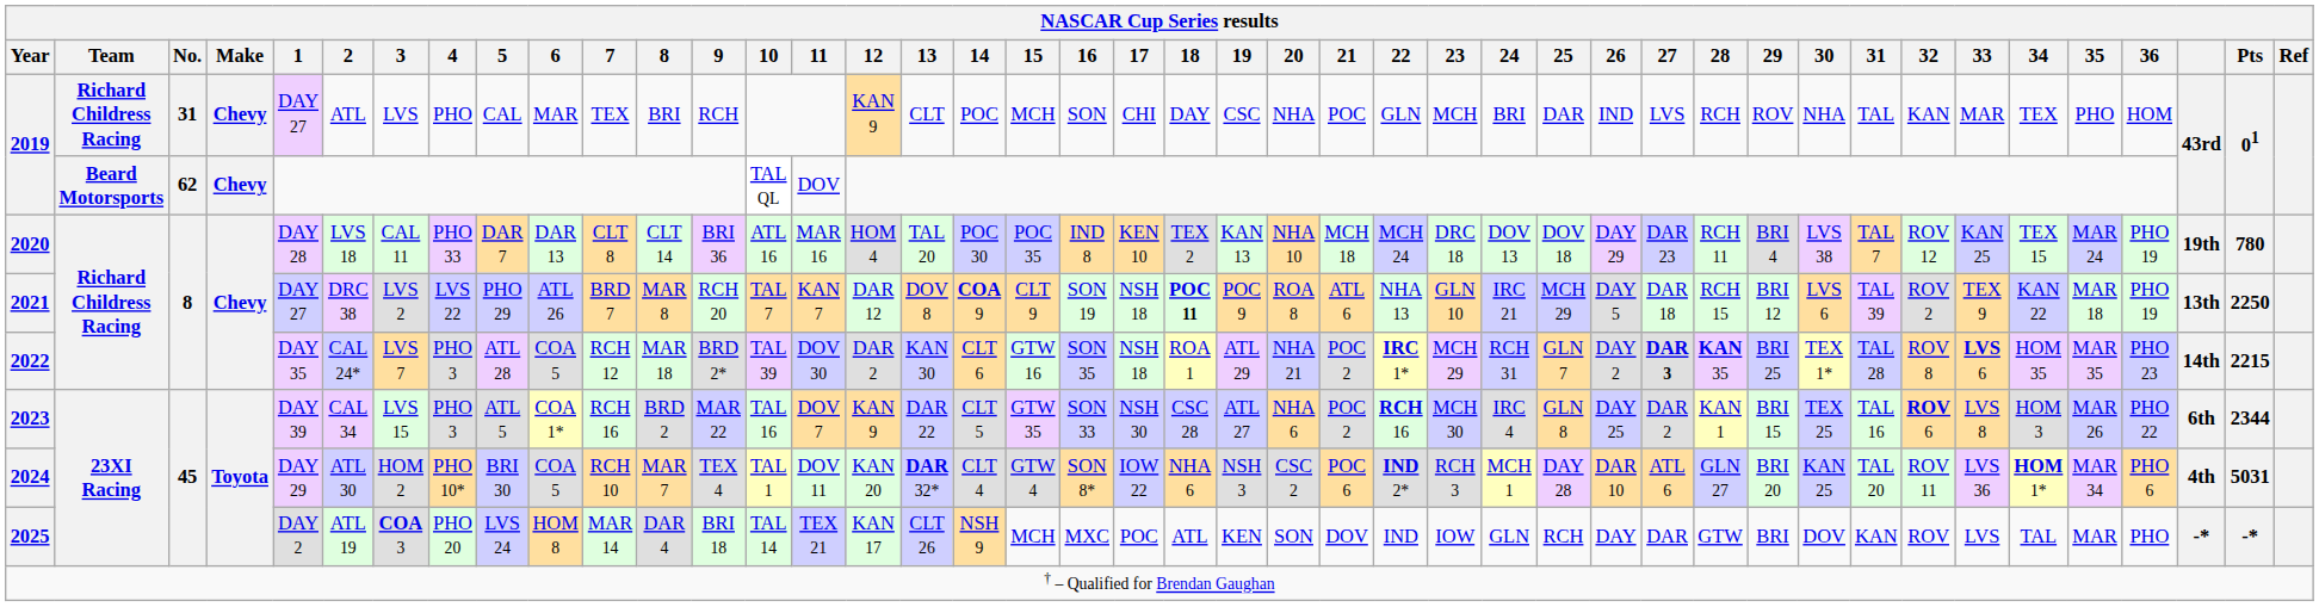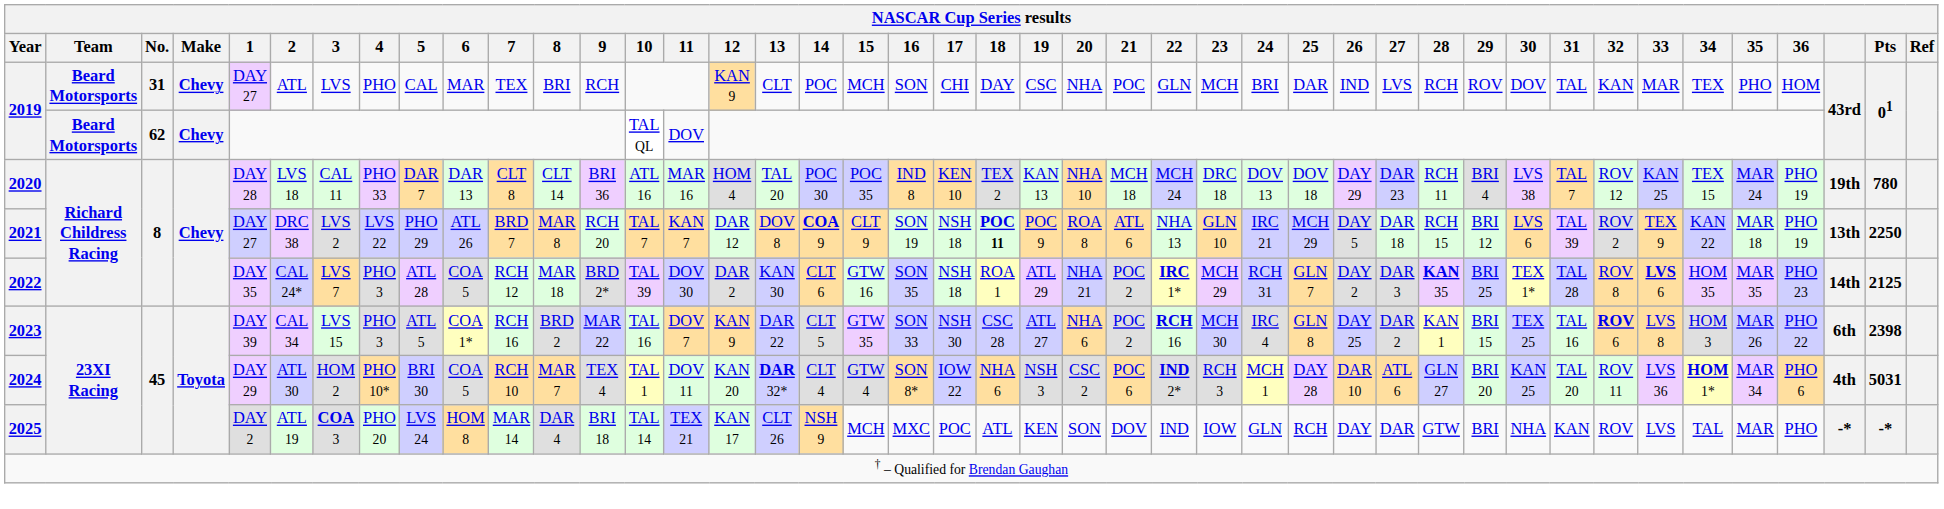 <table class="wikitable" style="text-align:center; font-size:75%">
 <tr>
 <th colspan=43><a href='#'>NASCAR Cup Series</a> results</th>
 </tr>
 <tr>
 <th>Year</th>
 <th>Team</th>
 <th>No.</th>
 <th>Make</th>
 <th>1</th>
 <th>2</th>
 <th>3</th>
 <th>4</th>
 <th>5</th>
 <th>6</th>
 <th>7</th>
 <th>8</th>
 <th>9</th>
 <th>10</th>
 <th>11</th>
 <th>12</th>
 <th>13</th>
 <th>14</th>
 <th>15</th>
 <th>16</th>
 <th>17</th>
 <th>18</th>
 <th>19</th>
 <th>20</th>
 <th>21</th>
 <th>22</th>
 <th>23</th>
 <th>24</th>
 <th>25</th>
 <th>26</th>
 <th>27</th>
 <th>28</th>
 <th>29</th>
 <th>30</th>
 <th>31</th>
 <th>32</th>
 <th>33</th>
 <th>34</th>
 <th>35</th>
 <th>36</th>
 <th></th>
 <th>Pts</th>
 <th>Ref</th>
 </tr>
 <tr>
 <th rowspan=2><a href='#'>2019</a></th>
-<th><a href='#'>Richard Childress Racing</a></th>
+<th><a href='#'>Beard Motorsports</a></th>
 <th>31</th>
 <th><a href='#'>Chevy</a></th>
 <td style="background:#EFCFFF;"><a href='#'>DAY</a><br><small>27</small></td>
 <td><a href='#'>ATL</a></td>
 <td><a href='#'>LVS</a></td>
 <td><a href='#'>PHO</a></td>
 <td><a href='#'>CAL</a></td>
 <td><a href='#'>MAR</a></td>
 <td><a href='#'>TEX</a></td>
 <td><a href='#'>BRI</a></td>
 <td><a href='#'>RCH</a></td>
 <td colspan=2></td>
 <td style="background:#FFDF9F;"><a href='#'>KAN</a><br><small>9</small></td>
 <td><a href='#'>CLT</a></td>
 <td><a href='#'>POC</a></td>
 <td><a href='#'>MCH</a></td>
 <td><a href='#'>SON</a></td>
 <td><a href='#'>CHI</a></td>
 <td><a href='#'>DAY</a></td>
 <td><a href='#'>CSC</a></td>
 <td><a href='#'>NHA</a></td>
 <td><a href='#'>POC</a></td>
 <td><a href='#'>GLN</a></td>
 <td><a href='#'>MCH</a></td>
 <td><a href='#'>BRI</a></td>
 <td><a href='#'>DAR</a></td>
 <td><a href='#'>IND</a></td>
 <td><a href='#'>LVS</a></td>
 <td><a href='#'>RCH</a></td>
 <td><a href='#'>ROV</a></td>
-<td><a href='#'>NHA</a></td>
+<td><a href='#'>DOV</a></td>
 <td><a href='#'>TAL</a></td>
 <td><a href='#'>KAN</a></td>
 <td><a href='#'>MAR</a></td>
 <td><a href='#'>TEX</a></td>
 <td><a href='#'>PHO</a></td>
 <td><a href='#'>HOM</a></td>
 <th rowspan=2>43rd</th>
 <th rowspan=2>0<sup>1</sup></th>
 <th rowspan=2></th>
 </tr>
 <tr>
 <th><a href='#'>Beard Motorsports</a></th>
 <th>62</th>
 <th><a href='#'>Chevy</a></th>
 <td colspan=9></td>
 <td style="background:#FFFFFF;"><a href='#'>TAL</a><br><small>QL</small></td>
 <td><a href='#'>DOV</a></td>
 <td colspan=25></td>
 </tr>
 <tr>
 <th><a href='#'>2020</a></th>
 <th rowspan=3><a href='#'>Richard Childress Racing</a></th>
 <th rowspan=3>8</th>
 <th rowspan=3><a href='#'>Chevy</a></th>
 <td style="background:#EFCFFF;"><a href='#'>DAY</a><br><small>28</small></td>
 <td style="background:#DFFFDF;"><a href='#'>LVS</a><br><small>18</small></td>
 <td style="background:#DFFFDF;"><a href='#'>CAL</a><br><small>11</small></td>
 <td style="background:#EFCFFF;"><a href='#'>PHO</a><br><small>33</small></td>
 <td style="background:#FFDF9F;"><a href='#'>DAR</a><br><small>7</small></td>
 <td style="background:#DFFFDF;"><a href='#'>DAR</a><br><small>13</small></td>
 <td style="background:#FFDF9F;"><a href='#'>CLT</a><br><small>8</small></td>
 <td style="background:#DFFFDF;"><a href='#'>CLT</a><br><small>14</small></td>
 <td style="background:#EFCFFF;"><a href='#'>BRI</a><br><small>36</small></td>
 <td style="background:#DFFFDF;"><a href='#'>ATL</a><br><small>16</small></td>
 <td style="background:#DFFFDF;"><a href='#'>MAR</a><br><small>16</small></td>
 <td style="background:#DFDFDF;"><a href='#'>HOM</a><br><small>4</small></td>
 <td style="background:#DFFFDF;"><a href='#'>TAL</a><br><small>20</small></td>
 <td style="background:#CFCFFF;"><a href='#'>POC</a><br><small>30</small></td>
 <td style="background:#CFCFFF;"><a href='#'>POC</a><br><small>35</small></td>
 <td style="background:#FFDF9F;"><a href='#'>IND</a><br><small>8</small></td>
 <td style="background:#FFDF9F;"><a href='#'>KEN</a><br><small>10</small></td>
 <td style="background:#DFDFDF;"><a href='#'>TEX</a><br><small>2</small></td>
 <td style="background:#DFFFDF;"><a href='#'>KAN</a><br><small>13</small></td>
 <td style="background:#FFDF9F;"><a href='#'>NHA</a><br><small>10</small></td>
 <td style="background:#DFFFDF;"><a href='#'>MCH</a><br><small>18</small></td>
 <td style="background:#CFCFFF;"><a href='#'>MCH</a><br><small>24</small></td>
 <td style="background:#DFFFDF;"><a href='#'>DRC</a><br><small>18</small></td>
 <td style="background:#DFFFDF;"><a href='#'>DOV</a><br><small>13</small></td>
 <td style="background:#DFFFDF;"><a href='#'>DOV</a><br><small>18</small></td>
 <td style="background:#EFCFFF;"><a href='#'>DAY</a><br><small>29</small></td>
 <td style="background:#CFCFFF;"><a href='#'>DAR</a><br><small>23</small></td>
 <td style="background:#DFFFDF;"><a href='#'>RCH</a><br><small>11</small></td>
 <td style="background:#DFDFDF;"><a href='#'>BRI</a><br><small>4</small></td>
 <td style="background:#EFCFFF;"><a href='#'>LVS</a><br><small>38</small></td>
 <td style="background:#FFDF9F;"><a href='#'>TAL</a><br><small>7</small></td>
 <td style="background:#DFFFDF;"><a href='#'>ROV</a><br><small>12</small></td>
 <td style="background:#CFCFFF;"><a href='#'>KAN</a><br><small>25</small></td>
 <td style="background:#DFFFDF;"><a href='#'>TEX</a><br><small>15</small></td>
 <td style="background:#CFCFFF;"><a href='#'>MAR</a><br><small>24</small></td>
 <td style="background:#DFFFDF;"><a href='#'>PHO</a><br><small>19</small></td>
 <th>19th</th>
 <th>780</th>
 <th></th>
 </tr>
 <tr>
 <th><a href='#'>2021</a></th>
 <td style="background:#CFCFFF;"><a href='#'>DAY</a><br><small>27</small></td>
 <td style="background:#EFCFFF;"><a href='#'>DRC</a><br><small>38</small></td>
 <td style="background:#DFDFDF;"><a href='#'>LVS</a><br><small>2</small></td>
 <td style="background:#CFCFFF;"><a href='#'>LVS</a><br><small>22</small></td>
 <td style="background:#CFCFFF;"><a href='#'>PHO</a><br><small>29</small></td>
 <td style="background:#CFCFFF;"><a href='#'>ATL</a><br><small>26</small></td>
 <td style="background:#FFDF9F;"><a href='#'>BRD</a><br><small>7</small></td>
 <td style="background:#FFDF9F;"><a href='#'>MAR</a><br><small>8</small></td>
 <td style="background:#DFFFDF;"><a href='#'>RCH</a><br><small>20</small></td>
 <td style="background:#FFDF9F;"><a href='#'>TAL</a><br><small>7</small></td>
 <td style="background:#FFDF9F;"><a href='#'>KAN</a><br><small>7</small></td>
 <td style="background:#DFFFDF;"><a href='#'>DAR</a><br><small>12</small></td>
 <td style="background:#FFDF9F;"><a href='#'>DOV</a><br><small>8</small></td>
 <td style="background:#FFDF9F;"><strong><a href='#'>COA</a></strong><br><small>9</small></td>
 <td style="background:#FFDF9F;"><a href='#'>CLT</a><br><small>9</small></td>
 <td style="background:#DFFFDF;"><a href='#'>SON</a><br><small>19</small></td>
 <td style="background:#DFFFDF;"><a href='#'>NSH</a><br><small>18</small></td>
 <td style="background:#DFFFDF;"><strong><a href='#'>POC</a><br><small>11</small></strong></td>
 <td style="background:#FFDF9F;"><a href='#'>POC</a><br><small>9</small></td>
 <td style="background:#FFDF9F;"><a href='#'>ROA</a><br><small>8</small></td>
 <td style="background:#FFDF9F;"><a href='#'>ATL</a><br><small>6</small></td>
 <td style="background:#DFFFDF;"><a href='#'>NHA</a><br><small>13</small></td>
 <td style="background:#FFDF9F;"><a href='#'>GLN</a><br><small>10</small></td>
 <td style="background:#CFCFFF;"><a href='#'>IRC</a><br><small>21</small></td>
 <td style="background:#CFCFFF;"><a href='#'>MCH</a><br><small>29</small></td>
 <td style="background:#DFDFDF;"><a href='#'>DAY</a><br><small>5</small></td>
 <td style="background:#DFFFDF;"><a href='#'>DAR</a><br><small>18</small></td>
 <td style="background:#DFFFDF;"><a href='#'>RCH</a><br><small>15</small></td>
 <td style="background:#DFFFDF;"><a href='#'>BRI</a><br><small>12</small></td>
 <td style="background:#FFDF9F;"><a href='#'>LVS</a><br><small>6</small></td>
 <td style="background:#EFCFFF;"><a href='#'>TAL</a><br><small>39</small></td>
 <td style="background:#DFDFDF;"><a href='#'>ROV</a><br><small>2</small></td>
 <td style="background:#FFDF9F;"><a href='#'>TEX</a><br><small>9</small></td>
 <td style="background:#CFCFFF;"><a href='#'>KAN</a><br><small>22</small></td>
 <td style="background:#DFFFDF;"><a href='#'>MAR</a><br><small>18</small></td>
 <td style="background:#DFFFDF;"><a href='#'>PHO</a><br><small>19</small></td>
 <th>13th</th>
 <th>2250</th>
 <th></th>
 </tr>
 <tr>
 <th><a href='#'>2022</a></th>
 <td style="background:#EFCFFF;"><a href='#'>DAY</a><br><small>35</small></td>
 <td style="background:#CFCFFF;"><a href='#'>CAL</a><br><small>24*</small></td>
 <td style="background:#FFDF9F;"><a href='#'>LVS</a><br><small>7</small></td>
 <td style="background:#DFDFDF;"><a href='#'>PHO</a><br><small>3</small></td>
 <td style="background:#EFCFFF;"><a href='#'>ATL</a><br><small>28</small></td>
 <td style="background:#DFDFDF;"><a href='#'>COA</a><br><small>5</small></td>
 <td style="background:#DFFFDF;"><a href='#'>RCH</a><br><small>12</small></td>
 <td style="background:#DFFFDF;"><a href='#'>MAR</a><br><small>18</small></td>
 <td style="background:#DFDFDF;"><a href='#'>BRD</a><br><small>2*</small></td>
 <td style="background:#EFCFFF;"><a href='#'>TAL</a><br><small>39</small></td>
 <td style="background:#CFCFFF;"><a href='#'>DOV</a><br><small>30</small></td>
 <td style="background:#DFDFDF;"><a href='#'>DAR</a><br><small>2</small></td>
 <td style="background:#CFCFFF;"><a href='#'>KAN</a><br><small>30</small></td>
 <td style="background:#FFDF9F;"><a href='#'>CLT</a><br><small>6</small></td>
 <td style="background:#DFFFDF;"><a href='#'>GTW</a><br><small>16</small></td>
 <td style="background:#CFCFFF;"><a href='#'>SON</a><br><small>35</small></td>
 <td style="background:#DFFFDF;"><a href='#'>NSH</a><br><small>18</small></td>
 <td style="background:#FFFFBF;"><a href='#'>ROA</a><br><small>1</small></td>
 <td style="background:#EFCFFF;"><a href='#'>ATL</a><br><small>29</small></td>
 <td style="background:#CFCFFF;"><a href='#'>NHA</a><br><small>21</small></td>
 <td style="background:#DFDFDF;"><a href='#'>POC</a><br><small>2</small></td>
 <td style="background:#FFFFBF;"><strong><a href='#'>IRC</a></strong><br><small>1*</small></td>
 <td style="background:#EFCFFF;"><a href='#'>MCH</a><br><small>29</small></td>
 <td style="background:#CFCFFF;"><a href='#'>RCH</a><br><small>31</small></td>
 <td style="background:#FFDF9F;"><a href='#'>GLN</a><br><small>7</small></td>
 <td style="background:#DFDFDF;"><a href='#'>DAY</a><br><small>2</small></td>
-<td style="background:#DFDFDF;"><strong><a href='#'>DAR</a><br><small>3</small></strong></td>
+<td style="background:#DFDFDF;"><a href='#'>DAR</a><br><small>3</small></td>
 <td style="background:#EFCFFF;"><strong><a href='#'>KAN</a></strong><br><small>35</small></td>
 <td style="background:#CFCFFF;"><a href='#'>BRI</a><br><small>25</small></td>
 <td style="background:#FFFFBF;"><a href='#'>TEX</a><br><small>1*</small></td>
 <td style="background:#CFCFFF;"><a href='#'>TAL</a><br><small>28</small></td>
 <td style="background:#FFDF9F;"><a href='#'>ROV</a><br><small>8</small></td>
 <td style="background:#FFDF9F;"><strong><a href='#'>LVS</a></strong><br><small>6</small></td>
 <td style="background:#EFCFFF;"><a href='#'>HOM</a><br><small>35</small></td>
 <td style="background:#EFCFFF;"><a href='#'>MAR</a><br><small>35</small></td>
 <td style="background:#CFCFFF;”"><a href='#'>PHO</a><br><small>23</small></td>
 <th>14th</th>
-<th>2215</th>
+<th>2125</th>
 <th></th>
 </tr>
 <tr>
 <th><a href='#'>2023</a></th>
 <th rowspan=3><a href='#'>23XI Racing</a></th>
 <th rowspan=3>45</th>
 <th rowspan=3><a href='#'>Toyota</a></th>
 <td style="background:#EFCFFF;"><a href='#'>DAY</a><br><small>39</small></td>
 <td style="background:#EFCFFF;"><a href='#'>CAL</a><br><small>34</small></td>
 <td style="background:#DFFFDF;"><a href='#'>LVS</a><br><small>15</small></td>
 <td style="background:#DFDFDF;"><a href='#'>PHO</a><br><small>3</small></td>
 <td style="background:#DFDFDF;"><a href='#'>ATL</a><br><small>5</small></td>
 <td style="background:#FFFFBF;"><a href='#'>COA</a><br><small>1*</small></td>
 <td style="background:#DFFFDF;"><a href='#'>RCH</a><br><small>16</small></td>
 <td style="background:#DFDFDF;"><a href='#'>BRD</a><br><small>2</small></td>
 <td style="background:#CFCFFF;"><a href='#'>MAR</a><br><small>22</small></td>
 <td style="background:#DFFFDF;"><a href='#'>TAL</a><br><small>16</small></td>
 <td style="background:#FFDF9F;"><a href='#'>DOV</a><br><small>7</small></td>
 <td style="background:#FFDF9F;"><a href='#'>KAN</a><br><small>9</small></td>
 <td style="background:#CFCFFF;"><a href='#'>DAR</a><br><small>22</small></td>
 <td style="background:#DFDFDF;"><a href='#'>CLT</a><br><small>5</small></td>
 <td style="background:#EFCFFF;"><a href='#'>GTW</a><br><small>35</small></td>
 <td style="background:#CFCFFF;"><a href='#'>SON</a><br><small>33</small></td>
 <td style="background:#CFCFFF;"><a href='#'>NSH</a><br><small>30</small></td>
 <td style="background:#CFCFFF;"><a href='#'>CSC</a><br><small>28</small></td>
 <td style="background:#CFCFFF;"><a href='#'>ATL</a><br><small>27</small></td>
 <td style="background:#FFDF9F;"><a href='#'>NHA</a><br><small>6</small></td>
 <td style="background:#DFDFDF;"><a href='#'>POC</a><br><small>2</small></td>
 <td style="background:#DFFFDF;"><strong><a href='#'>RCH</a></strong><br><small>16</small></td>
 <td style="background:#CFCFFF;"><a href='#'>MCH</a><br><small>30</small></td>
 <td style="background:#DFDFDF;"><a href='#'>IRC</a><br><small>4</small></td>
 <td style="background:#FFDF9F;"><a href='#'>GLN</a><br><small>8</small></td>
 <td style="background:#CFCFFF;"><a href='#'>DAY</a><br><small>25</small></td>
 <td style="background:#DFDFDF;"><a href='#'>DAR</a><br><small>2</small></td>
 <td style="background:#FFFFBF;"><a href='#'>KAN</a><br><small>1</small></td>
 <td style="background:#DFFFDF;"><a href='#'>BRI</a><br><small>15</small></td>
 <td style="background:#CFCFFF;"><a href='#'>TEX</a><br><small>25</small></td>
 <td style="background:#DFFFDF;"><a href='#'>TAL</a><br><small>16</small></td>
 <td style="background:#FFDF9F;"><strong><a href='#'>ROV</a></strong> <br><small>6</small></td>
 <td style="background:#FFDF9F;"><a href='#'>LVS</a><br><small>8</small></td>
 <td style="background:#DFDFDF;"><a href='#'>HOM</a><br><small>3</small></td>
 <td style="background:#CFCFFF;"><a href='#'>MAR</a><br><small>26</small></td>
 <td style="background:#CFCFFF;"><a href='#'>PHO</a><br><small>22</small></td>
 <th>6th</th>
-<th>2344</th>
+<th>2398</th>
 <th></th>
 </tr>
 <tr>
 <th><a href='#'>2024</a></th>
 <td style="background:#EFCFFF;"><a href='#'>DAY</a><br><small>29</small></td>
 <td style="background:#CFCFFF;"><a href='#'>ATL</a><br><small>30</small></td>
 <td style="background:#DFDFDF;"><a href='#'>HOM</a><br><small>2</small></td>
 <td style="background:#FFDF9F;"><a href='#'>PHO</a><br><small>10*</small></td>
 <td style="background:#CFCFFF;"><a href='#'>BRI</a><br><small>30</small></td>
 <td style="background:#DFDFDF;"><a href='#'>COA</a><br><small>5</small></td>
 <td style="background:#FFDF9F;"><a href='#'>RCH</a><br><small>10</small></td>
 <td style="background:#FFDF9F;"><a href='#'>MAR</a><br><small>7</small></td>
 <td style="background:#DFDFDF;"><a href='#'>TEX</a><br><small>4</small></td>
 <td style="background:#FFFFBF;"><a href='#'>TAL</a><br><small>1</small></td>
 <td style="background:#DFFFDF;"><a href='#'>DOV</a><br><small>11</small></td>
 <td style="background:#DFFFDF;"><a href='#'>KAN</a><br><small>20</small></td>
 <td style="background:#CFCFFF;"><strong><a href='#'>DAR</a></strong><br><small>32*</small></td>
 <td style="background:#DFDFDF;"><a href='#'>CLT</a><br><small>4</small></td>
 <td style="background:#DFDFDF;"><a href='#'>GTW</a><br><small>4</small></td>
 <td style="background:#FFDF9F;"><a href='#'>SON</a><br><small>8*</small></td>
 <td style="background:#CFCFFF;"><a href='#'>IOW</a><br><small>22</small></td>
 <td style="background:#FFDF9F;"><a href='#'>NHA</a><br><small>6</small></td>
 <td style="background:#DFDFDF;"><a href='#'>NSH</a><br><small>3</small></td>
 <td style="background:#DFDFDF;"><a href='#'>CSC</a><br><small>2</small></td>
 <td style="background:#FFDF9F;"><a href='#'>POC</a><br><small>6</small></td>
 <td style="background:#DFDFDF;"><strong><a href='#'>IND</a></strong><br><small>2*</small></td>
 <td style="background:#DFDFDF;"><a href='#'>RCH</a><br><small>3</small></td>
 <td style="background:#FFFFBF;"><a href='#'>MCH</a><br><small>1</small></td>
 <td style="background:#EFCFFF;"><a href='#'>DAY</a><br><small>28</small></td>
 <td style="background:#FFDF9F;"><a href='#'>DAR</a><br><small>10</small></td>
 <td style="background:#FFDF9F;"><a href='#'>ATL</a><br><small>6</small></td>
 <td style="background:#CFCFFF;"><a href='#'>GLN</a><br><small>27</small></td>
 <td style="background:#DFFFDF;"><a href='#'>BRI</a><br><small>20</small></td>
 <td style="background:#CFCFFF;"><a href='#'>KAN</a><br><small>25</small></td>
 <td style="background:#DFFFDF;"><a href='#'>TAL</a><br><small>20</small></td>
 <td style="background:#DFFFDF;"><a href='#'>ROV</a><br><small>11</small></td>
 <td style="background:#EFCFFF;"><a href='#'>LVS</a><br><small>36</small></td>
 <td style="background:#FFFFBF;"><strong><a href='#'>HOM</a></strong><br><small>1*</small></td>
 <td style="background:#EFCFFF;"><a href='#'>MAR</a><br><small>34</small></td>
 <td style="background:#FFDF9F;"><a href='#'>PHO</a><br><small>6</small></td>
 <th>4th</th>
 <th>5031</th>
 <th></th>
 </tr>
 <tr>
 <th><a href='#'>2025</a></th>
 <td style="background:#DFDFDF;"><a href='#'>DAY</a><br><small>2</small></td>
 <td style="background:#DFFFDF;"><a href='#'>ATL</a><br><small>19</small></td>
 <td style="background:#DFDFDF;"><strong><a href='#'>COA</a></strong><br><small>3</small></td>
 <td style="background:#DFFFDF;"><a href='#'>PHO</a><br><small>20</small></td>
 <td style="background:#CFCFFF;"><a href='#'>LVS</a><br><small>24</small></td>
 <td style="background:#FFDF9F;"><a href='#'>HOM</a><br><small>8</small></td>
 <td style="background:#DFFFDF;"><a href='#'>MAR</a><br><small>14</small></td>
 <td style="background:#DFDFDF;"><a href='#'>DAR</a><br><small>4</small></td>
 <td style="background:#DFFFDF;"><a href='#'>BRI</a><br><small>18</small></td>
 <td style="background:#DFFFDF;"><a href='#'>TAL</a><br><small>14</small></td>
 <td style="background:#CFCFFF;"><a href='#'>TEX</a><br><small>21</small></td>
 <td style="background:#DFFFDF;"><a href='#'>KAN</a><br><small>17</small></td>
 <td style="background:#CFCFFF;"><a href='#'>CLT</a><br><small>26</small></td>
 <td style="background:#FFDF9F;"><a href='#'>NSH</a><br><small>9</small></td>
 <td><a href='#'>MCH</a></td>
 <td><a href='#'>MXC</a></td>
 <td><a href='#'>POC</a></td>
 <td><a href='#'>ATL</a></td>
 <td><a href='#'>KEN</a></td>
 <td><a href='#'>SON</a></td>
 <td><a href='#'>DOV</a></td>
 <td><a href='#'>IND</a></td>
 <td><a href='#'>IOW</a></td>
 <td><a href='#'>GLN</a></td>
 <td><a href='#'>RCH</a></td>
 <td><a href='#'>DAY</a></td>
 <td><a href='#'>DAR</a></td>
 <td><a href='#'>GTW</a></td>
 <td><a href='#'>BRI</a></td>
-<td><a href='#'>DOV</a></td>
+<td><a href='#'>NHA</a></td>
 <td><a href='#'>KAN</a></td>
 <td><a href='#'>ROV</a></td>
 <td><a href='#'>LVS</a></td>
 <td><a href='#'>TAL</a></td>
 <td><a href='#'>MAR</a></td>
 <td><a href='#'>PHO</a></td>
 <th>-*</th>
 <th>-*</th>
 <th></th>
 </tr>
 <tr>
 <td colspan=43><small><sup>†</sup> – Qualified for <a href='#'>Brendan Gaughan</a></small></td>
 </tr>
 </table>
